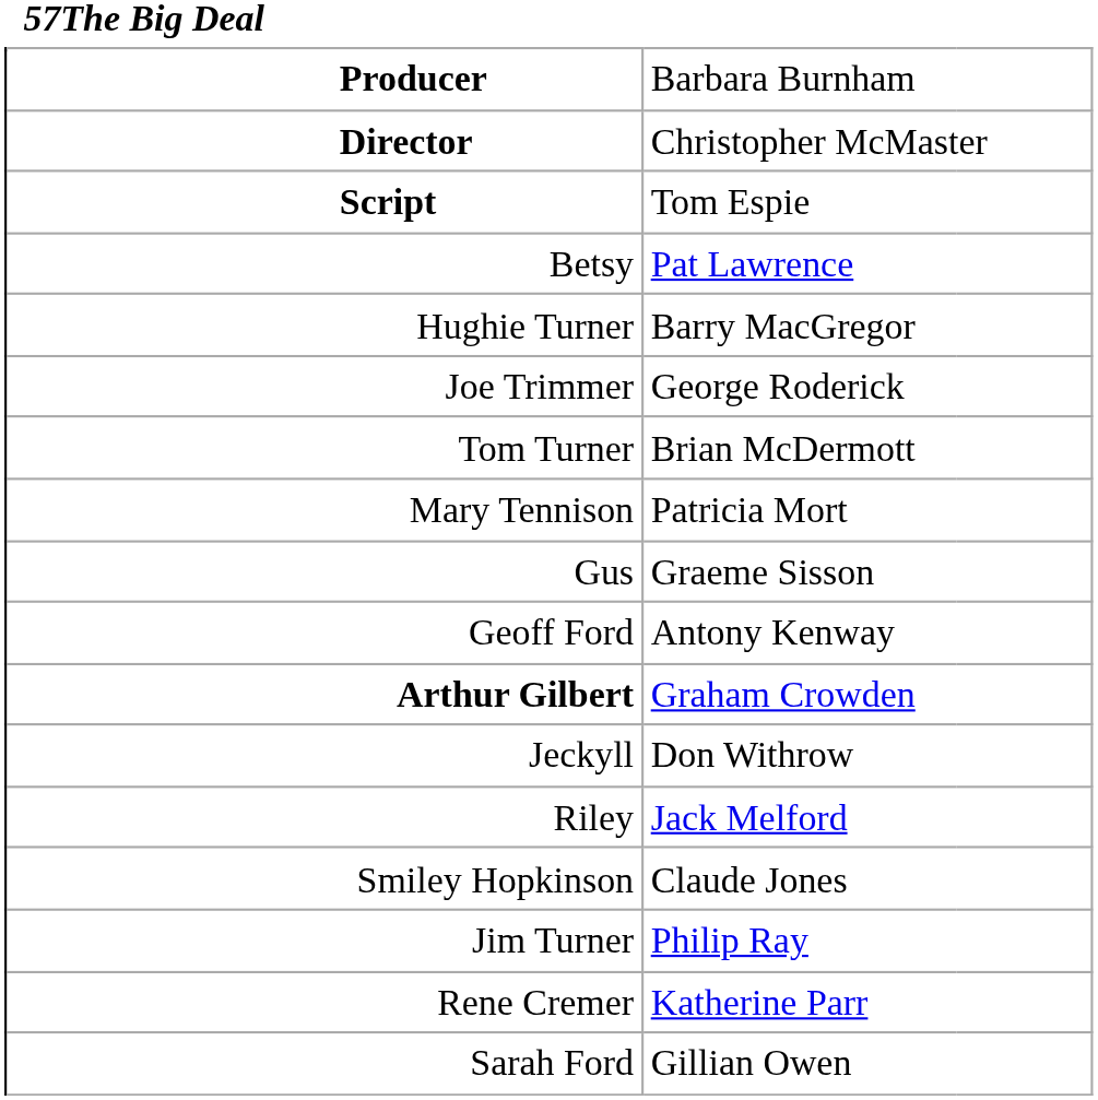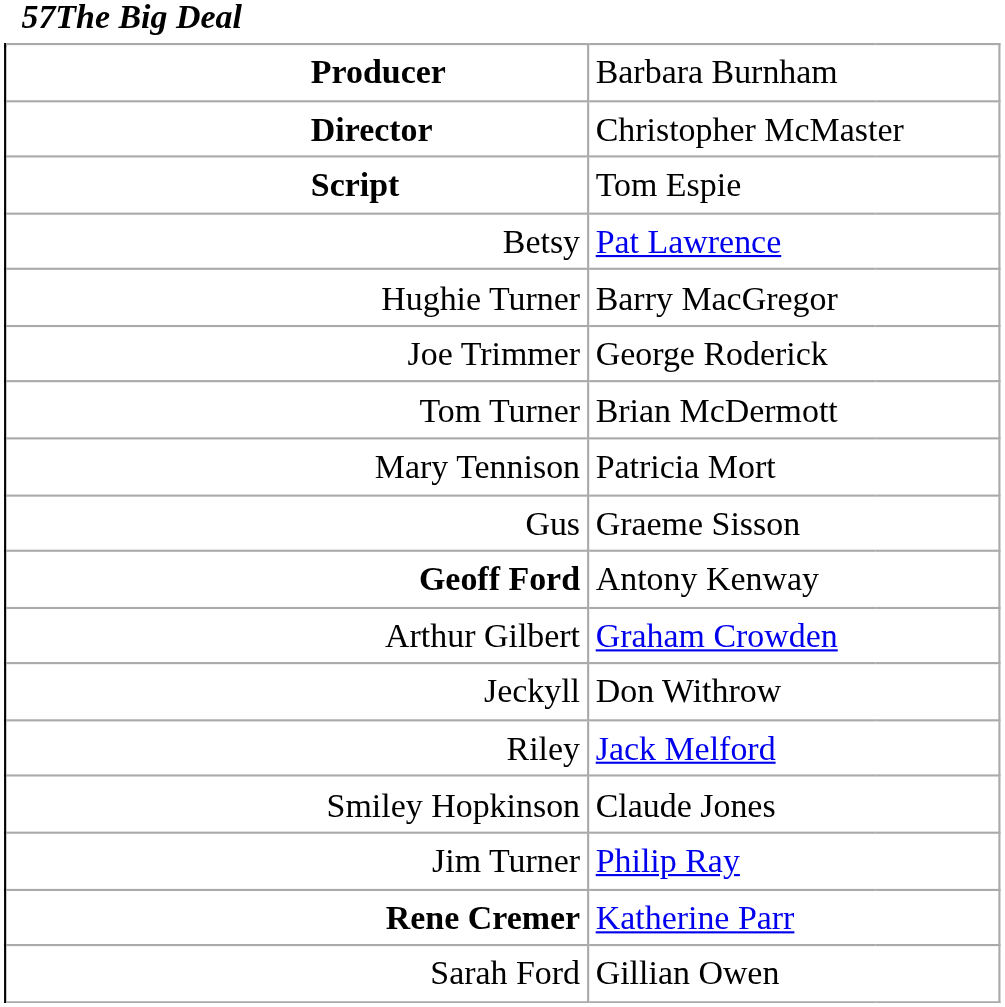 <table class="wikitable mw-collapsible mw-collapsed" style="vertical-align:top;margin:auto 2em;line-height:1.2;min-width:33em;display: inline-table;background-color:inherit;border:none;">
 <tr>
 <td class=unsortable style="border:hidden;line-height:1.67;text-align:center;margin-left:-1em;padding-left:0.5em;min-width:1.0em;"></td>
 <td class=unsortable style="border:none;padding-left:0.5em;text-align:left;min-width:16.5em;font-weight:700;font-style:italic;">57The Big Deal</td>
 <td class=unsortable style="border:none;text-align:right;font-weight:normal;font-family:Courier;font-size:95%;letter-spacing:-1pt;min-width:8.5em;padding-right:0.2em;"></td>
 <td class=unsortable style="border:hidden;min-width:3.5em;padding-left:0;"></td>
 <td class=unsortable style="border:hidden;min-width:3.5em;font-size:95%;"></td>
 </tr>
 <tr>
 <td rowspan=100 style="border:none thin;border-right-style :solid;"></td>
 </tr>
 <tr>
 <td style="text-align:left;padding-left:9.0em;font-weight:bold;">Producer</td>
 <td colspan=2>Barbara Burnham</td>
 </tr>
 <tr>
 <td style="text-align:left;padding-left:9.0em;font-weight:bold;">Director</td>
 <td colspan=2>Christopher McMaster</td>
 </tr>
 <tr>
 <td style="text-align:left;padding-left:9.0em;font-weight:bold;">Script</td>
 <td colspan=2>Tom Espie</td>
 </tr>
 <tr>
 <td style="text-align:right;">Betsy</td>
 <td colspan=2><a href='#'>Pat Lawrence</a></td>
 </tr>
 <tr>
 <td style="text-align:right;">Hughie Turner</td>
 <td colspan=2>Barry MacGregor</td>
 </tr>
 <tr>
 <td style="text-align:right;">Joe Trimmer</td>
 <td colspan=2>George Roderick</td>
 </tr>
 <tr>
 <td style="text-align:right;">Tom Turner</td>
 <td colspan=2>Brian McDermott</td>
 </tr>
 <tr>
 <td style="text-align:right;">Mary Tennison</td>
 <td colspan=2>Patricia Mort</td>
 </tr>
 <tr>
 <td style="text-align:right;">Gus</td>
 <td colspan=2>Graeme Sisson</td>
 </tr>
 <tr>
-<td style="text-align:right;">Geoff Ford</td>
+<td style="text-align:right;"><strong>Geoff Ford</strong></td>
 <td colspan=2>Antony Kenway</td>
 </tr>
 <tr>
-<td style="text-align:right;"><strong>Arthur Gilbert</strong></td>
+<td style="text-align:right;">Arthur Gilbert</td>
 <td colspan=2><a href='#'>Graham Crowden</a></td>
 </tr>
 <tr>
 <td style="text-align:right;">Jeckyll</td>
 <td colspan=2>Don Withrow</td>
 </tr>
 <tr>
 <td style="text-align:right;">Riley</td>
 <td colspan=2><a href='#'>Jack Melford</a></td>
 </tr>
 <tr>
 <td style="text-align:right;">Smiley Hopkinson</td>
 <td colspan=2>Claude Jones</td>
 </tr>
 <tr>
 <td style="text-align:right;">Jim Turner</td>
 <td colspan=2><a href='#'>Philip Ray</a></td>
 </tr>
 <tr>
-<td style="text-align:right;">Rene Cremer</td>
+<td style="text-align:right;"><strong>Rene Cremer</strong></td>
 <td colspan=2><a href='#'>Katherine Parr</a></td>
 </tr>
 <tr>
 <td style="text-align:right;">Sarah Ford</td>
 <td colspan=2>Gillian Owen</td>
 </tr>
 </table>
